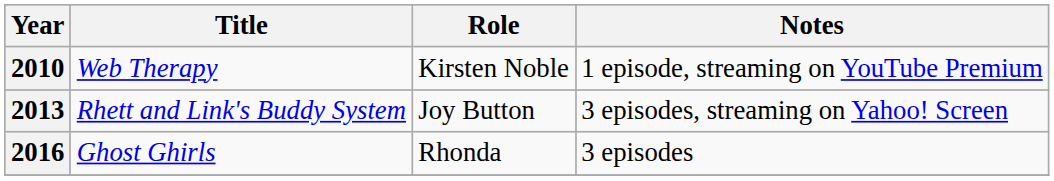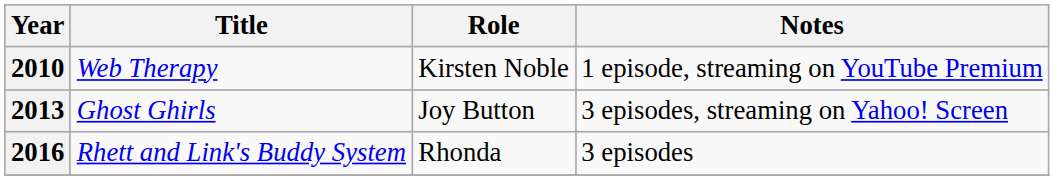 <table class="wikitable plainrowheaders">
 <tr>
 <th scope="col">Year</th>
 <th scope="col">Title</th>
 <th scope="col">Role</th>
 <th scope="col">Notes</th>
 </tr>
 <tr>
 <th scope="row">2010</th>
 <td><em><a href='#'>Web Therapy</a></em></td>
 <td>Kirsten Noble</td>
 <td>1 episode, streaming on <a href='#'>YouTube Premium</a></td>
 </tr>
 <tr>
 <th scope="row">2013</th>
-<td><em><a href='#'>Rhett and Link's Buddy System</a></em></td>
+<td><em><a href='#'>Ghost Ghirls</a></em></td>
 <td>Joy Button</td>
 <td>3 episodes, streaming on <a href='#'>Yahoo! Screen</a></td>
 </tr>
 <tr>
 <th scope="row">2016</th>
-<td><em><a href='#'>Ghost Ghirls</a></em></td>
+<td><em><a href='#'>Rhett and Link's Buddy System</a></em></td>
 <td>Rhonda</td>
 <td>3 episodes</td>
 </tr>
 <tr>
 </tr>
 </table>
